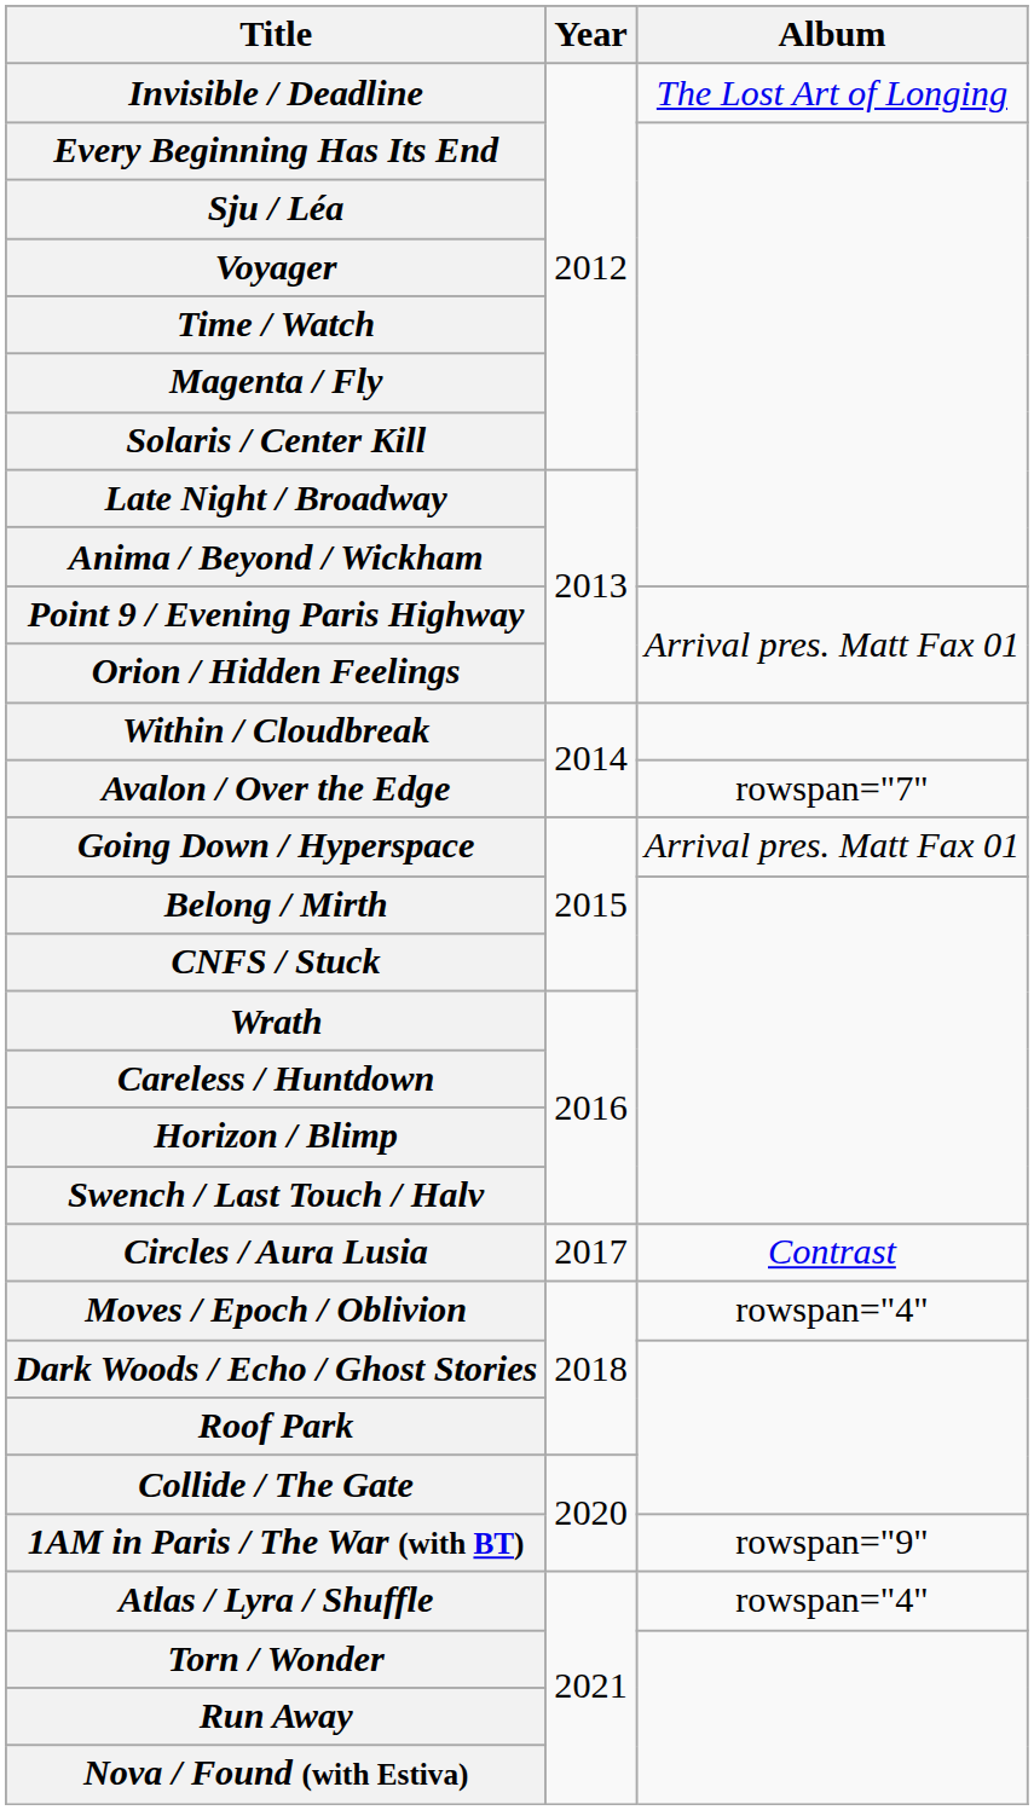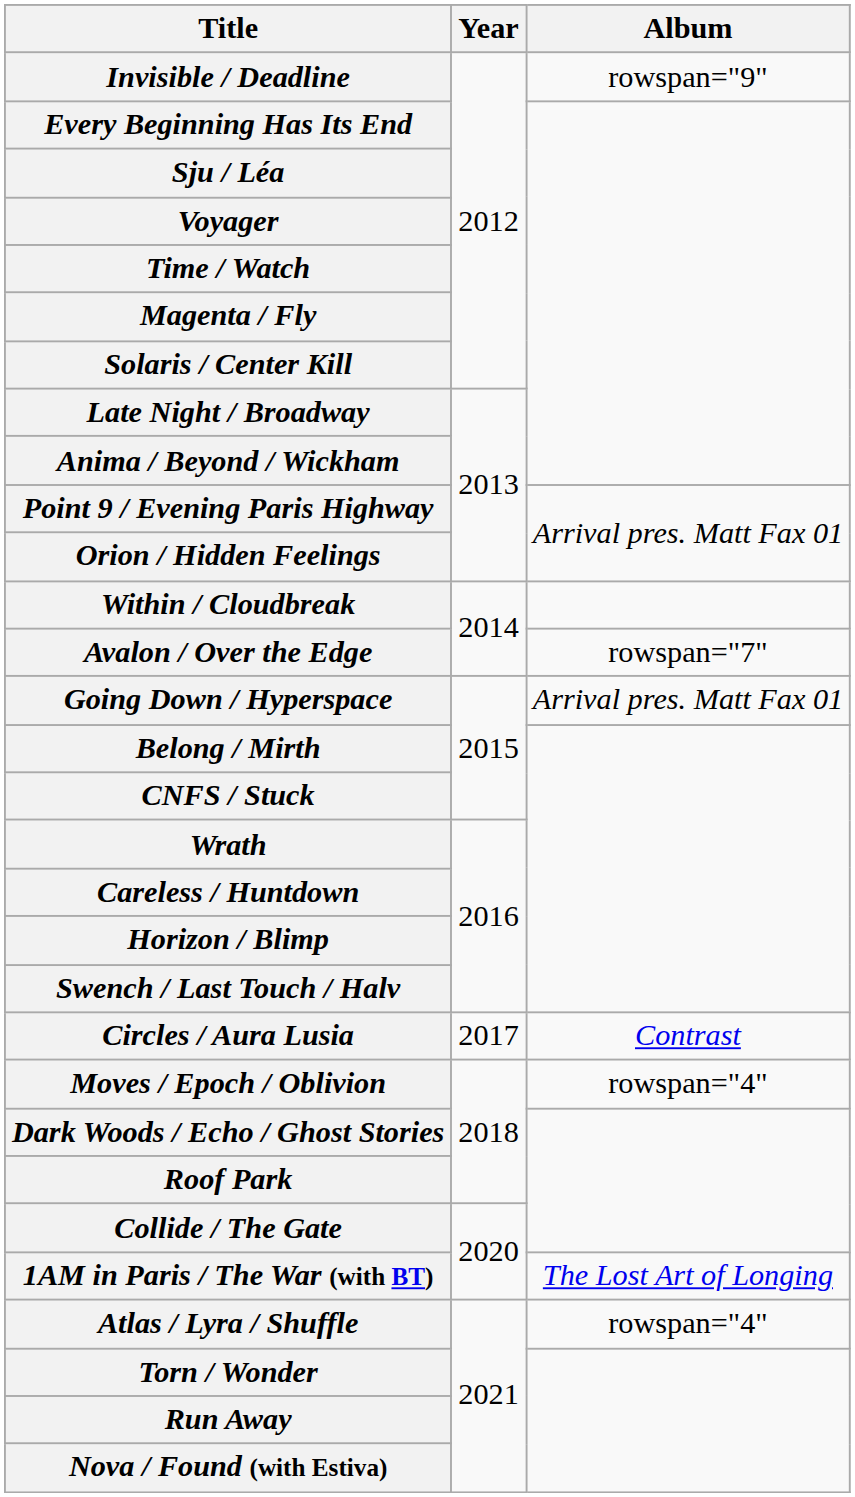 <table class="wikitable plainrowheaders" style="text-align:center;">
 <tr>
 <th scope="col">Title</th>
 <th scope="col">Year</th>
 <th scope="col">Album</th>
 </tr>
 <tr>
 <th scope="row"><em>Invisible / Deadline</em></th>
 <td rowspan="7">2012</td>
-<td><em><a href='#'>The Lost Art of Longing</a></em></td>
+<td>rowspan="9" </td>
 </tr>
 <tr>
 <th scope="row"><em>Every Beginning Has Its End</em></th>
 </tr>
 <tr>
 <th scope="row"><em>Sju / Léa</em></th>
 </tr>
 <tr>
 <th scope="row"><em>Voyager</em></th>
 </tr>
 <tr>
 <th scope="row"><em>Time / Watch</em></th>
 </tr>
 <tr>
 <th scope="row"><em>Magenta / Fly</em></th>
 </tr>
 <tr>
 <th scope="row"><em>Solaris / Center Kill</em></th>
 </tr>
 <tr>
 <th scope="row"><em>Late Night / Broadway</em></th>
 <td rowspan="4">2013</td>
 </tr>
 <tr>
 <th scope="row"><em>Anima / Beyond / Wickham</em></th>
 </tr>
 <tr>
 <th scope="row"><em>Point 9 / Evening Paris Highway</em></th>
 <td rowspan="2"><em>Arrival pres. Matt Fax 01</em></td>
 </tr>
 <tr>
 <th scope="row"><em>Orion / Hidden Feelings</em></th>
 </tr>
 <tr>
 <th scope="row"><em>Within / Cloudbreak</em></th>
 <td rowspan="2">2014</td>
 <td></td>
 </tr>
 <tr>
 <th scope="row"><em>Avalon / Over the Edge</em></th>
 <td>rowspan="7" </td>
 </tr>
 <tr>
 <th scope="row"><em>Going Down / Hyperspace</em></th>
 <td rowspan="3">2015</td>
 <td><em>Arrival pres. Matt Fax 01</em></td>
 </tr>
 <tr>
 <th scope="row"><em>Belong / Mirth</em></th>
 </tr>
 <tr>
 <th scope="row"><em>CNFS / Stuck</em></th>
 </tr>
 <tr>
 <th scope="row"><em>Wrath</em></th>
 <td rowspan="4">2016</td>
 </tr>
 <tr>
 <th scope="row"><em>Careless / Huntdown</em></th>
 </tr>
 <tr>
 <th scope="row"><em>Horizon / Blimp</em></th>
 </tr>
 <tr>
 <th scope="row"><em>Swench / Last Touch / Halv</em></th>
 </tr>
 <tr>
 <th scope="row"><em>Circles / Aura Lusia</em></th>
 <td>2017</td>
 <td><em><a href='#'>Contrast</a></em></td>
 </tr>
 <tr>
 <th scope="row"><em>Moves / Epoch / Oblivion</em></th>
 <td rowspan="3">2018</td>
 <td>rowspan="4" </td>
 </tr>
 <tr>
 <th scope="row"><em>Dark Woods / Echo / Ghost Stories</em></th>
 </tr>
 <tr>
 <th scope="row"><em>Roof Park</em></th>
 </tr>
 <tr>
 <th scope="row"><em>Collide / The Gate</em></th>
 <td rowspan="2">2020</td>
 </tr>
 <tr>
 <th scope="row"><em>1AM in Paris / The War</em> <small>(with <a href='#'>BT</a>)</small></th>
-<td>rowspan="9" </td>
+<td><em><a href='#'>The Lost Art of Longing</a></em></td>
 </tr>
 <tr>
 <th scope="row"><em>Atlas / Lyra / Shuffle</em></th>
 <td rowspan="4">2021</td>
 <td>rowspan="4" </td>
 </tr>
 <tr>
 <th scope="row"><em>Torn / Wonder</em></th>
 </tr>
 <tr>
 <th scope="row"><em>Run Away</em></th>
 </tr>
 <tr>
 <th scope="row"><em>Nova / Found</em> <small>(with Estiva)</small></th>
 </tr>
 </table>
